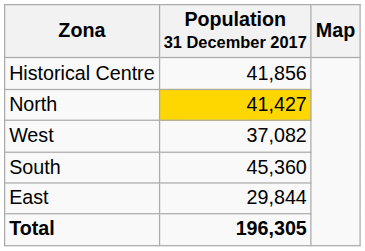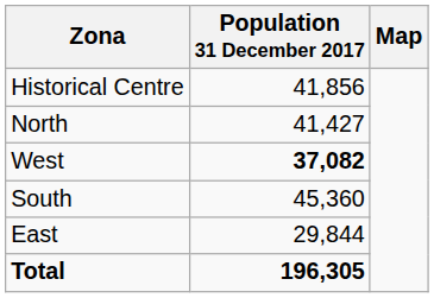 <table class="wikitable sortable">
 <tr>
 <th>Zona</th>
 <th>Population <br><small>31 December 2017</small></th>
 <th class="unsortable">Map</th>
 </tr>
 <tr>
 <td>Historical Centre</td>
 <td style="text-align:right;">41,856</td>
 <td rowspan="15"></td>
 </tr>
 <tr>
 <td>North</td>
-<td style="background: gold; text-align:right;">41,427</td>
+<td style="text-align:right;">41,427</td>
 </tr>
 <tr>
 <td>West</td>
-<td style="text-align:right;">37,082</td>
+<td style="text-align:right;"><strong>37,082</strong></td>
 </tr>
 <tr>
 <td>South</td>
 <td style="text-align:right;">45,360</td>
 </tr>
 <tr>
 <td>East</td>
 <td style="text-align:right;">29,844</td>
 </tr>
 <tr>
 <td><strong>Total</strong></td>
 <td style="text-align:right;"><strong>196,305</strong></td>
 </tr>
 </table>
